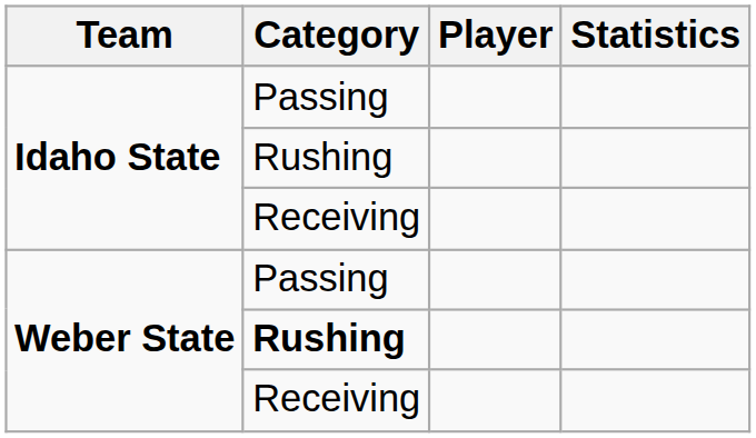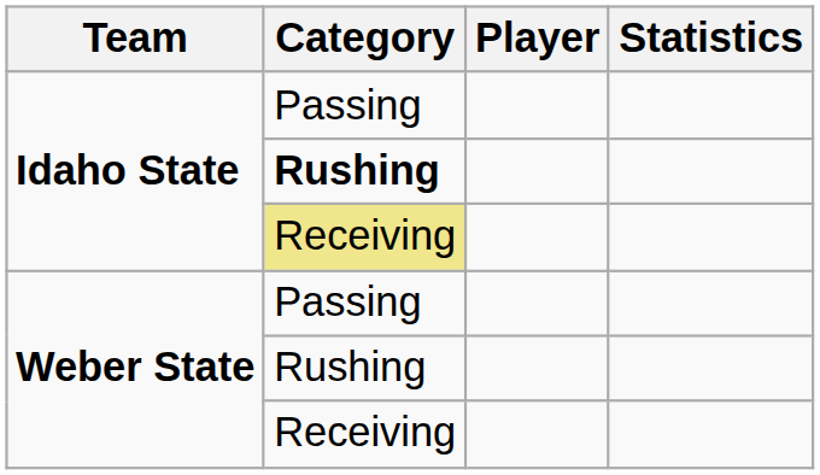 <table class="wikitable" style="float: right;">
 <tr>
 <th>Team</th>
 <th>Category</th>
 <th>Player</th>
 <th>Statistics</th>
 </tr>
 <tr>
 <td rowspan=3><strong>Idaho State</strong></td>
 <td>Passing</td>
 <td></td>
 <td></td>
 </tr>
 <tr>
-<td>Rushing</td>
+<td><strong>Rushing</strong></td>
 <td></td>
 <td></td>
 </tr>
 <tr>
-<td>Receiving</td>
+<td style="background: khaki;">Receiving</td>
 <td></td>
 <td></td>
 </tr>
 <tr>
 <td rowspan=3><strong>Weber State</strong></td>
 <td>Passing</td>
 <td></td>
 <td></td>
 </tr>
 <tr>
-<td><strong>Rushing</strong></td>
+<td>Rushing</td>
 <td></td>
 <td></td>
 </tr>
 <tr>
 <td>Receiving</td>
 <td></td>
 <td></td>
 </tr>
 </table>
